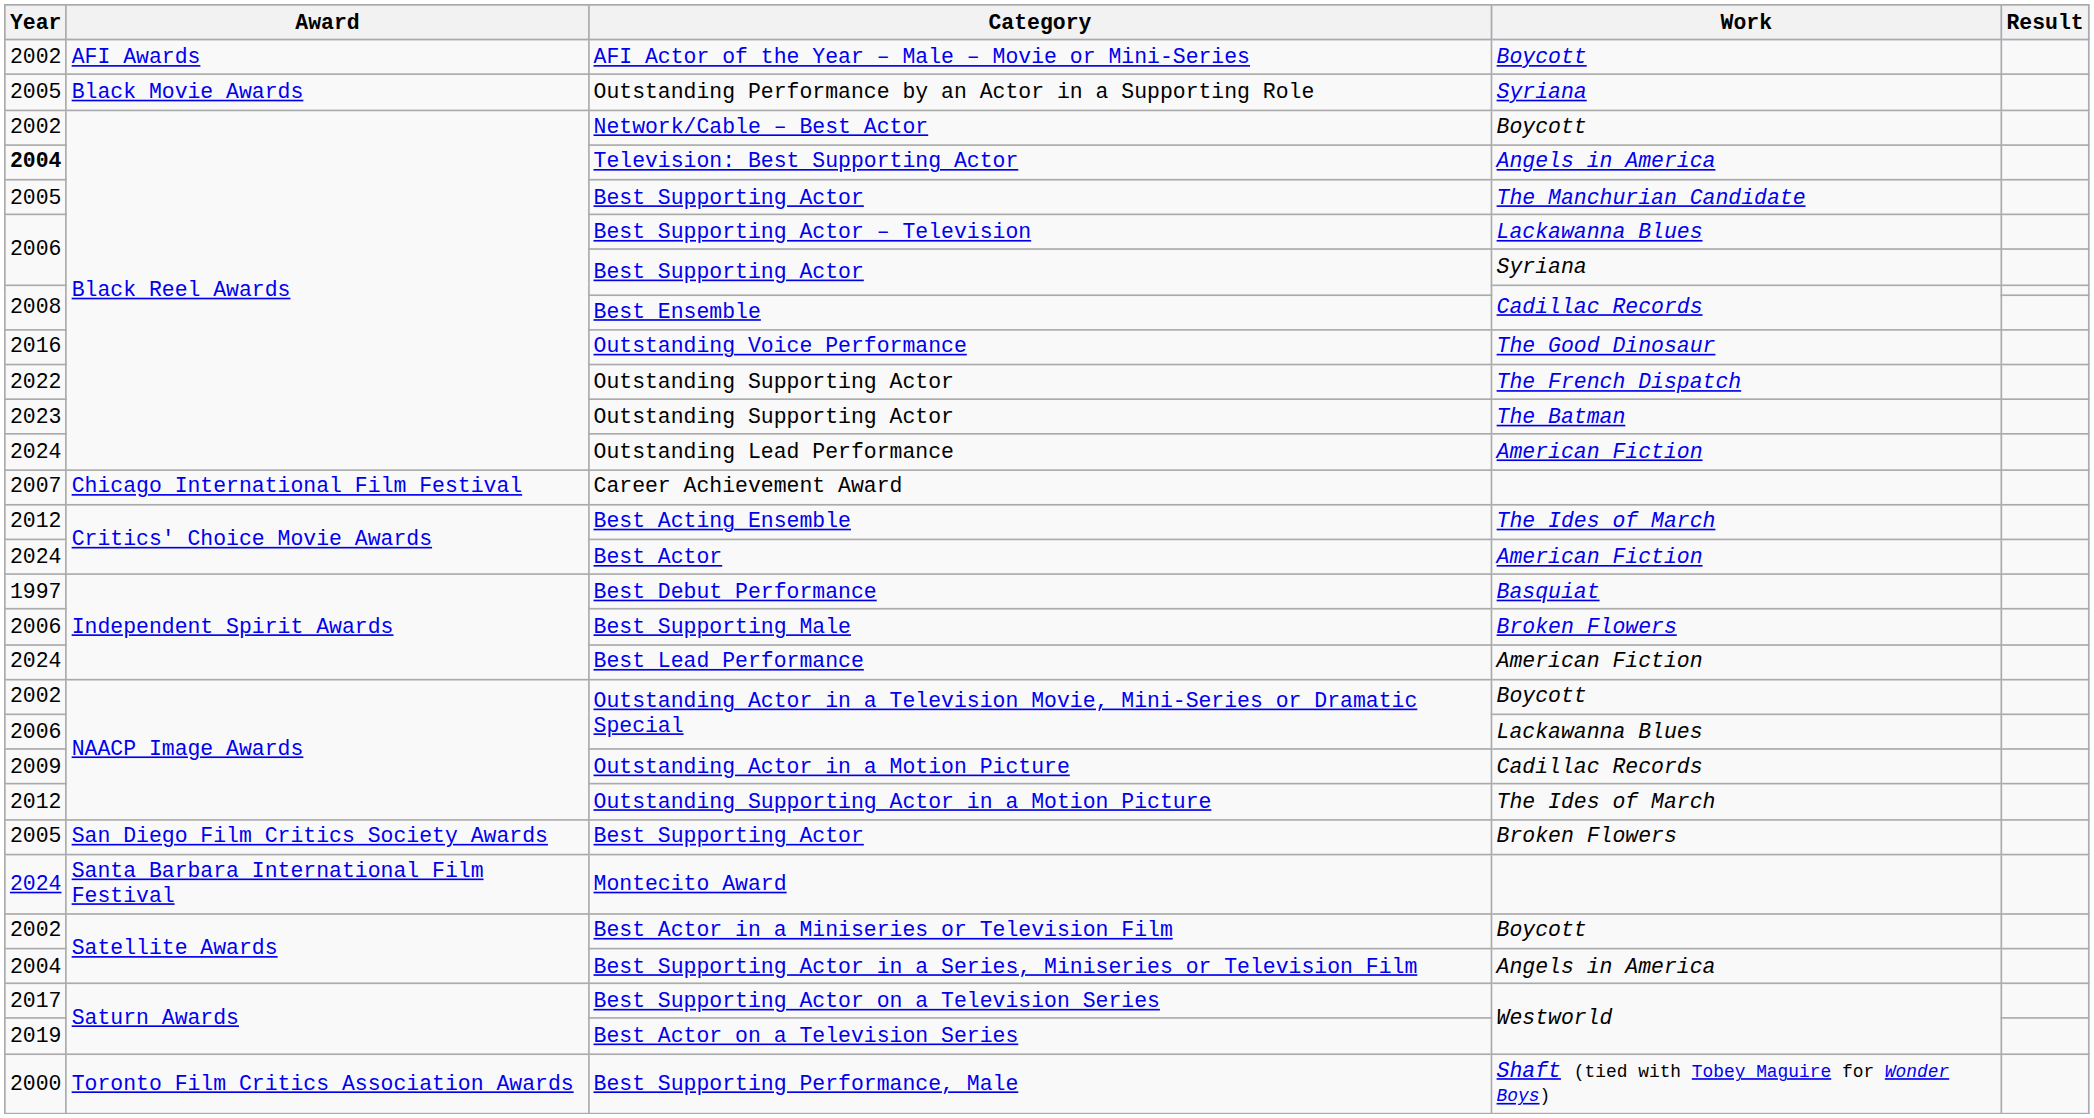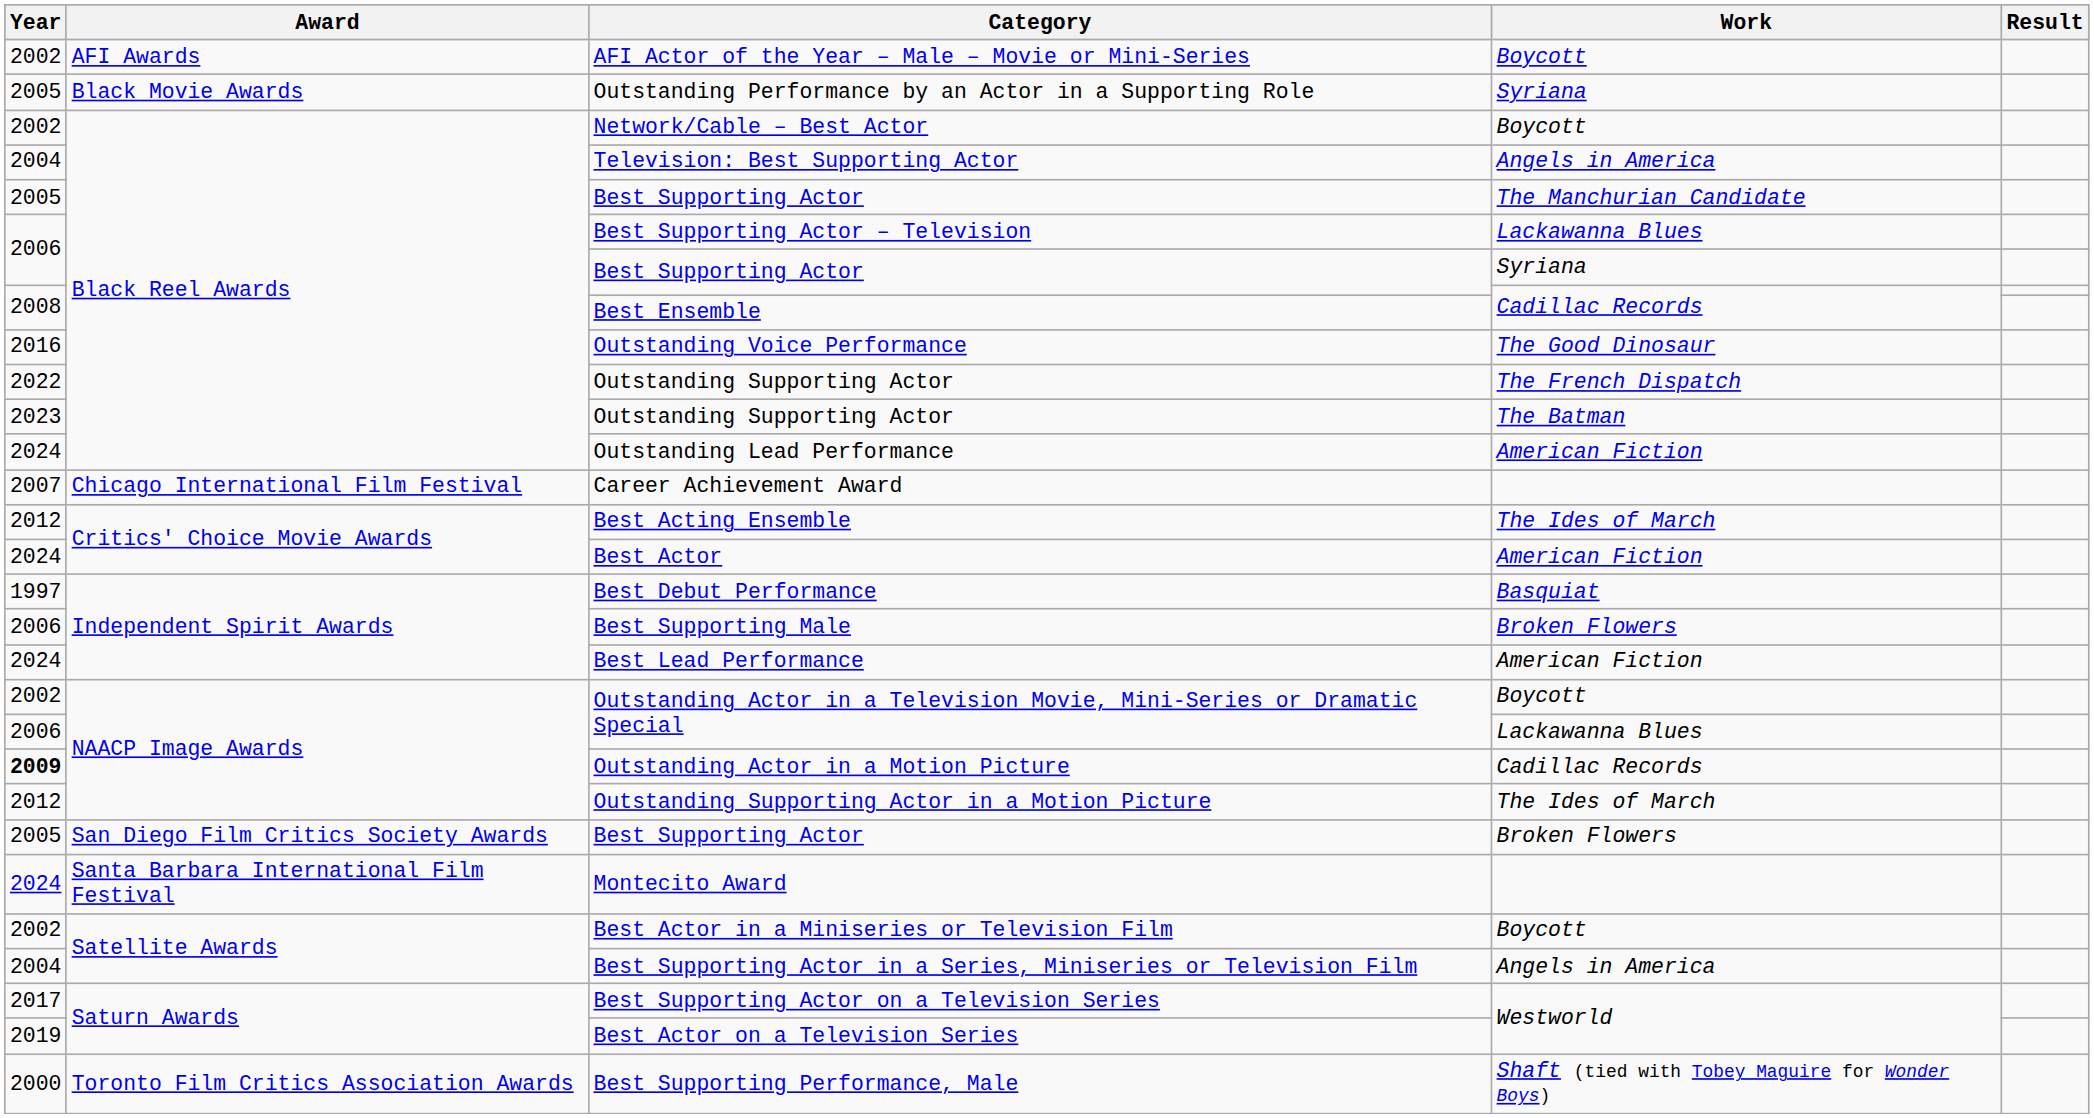 <table class="wikitable sortable" style="margin:1em 0;">
 <tr style="background:#b0c4de;">
 <th>Year</th>
 <th>Award</th>
 <th>Category</th>
 <th>Work</th>
 <th>Result</th>
 </tr>
 <tr>
 <td>2002</td>
 <td><a href='#'>AFI Awards</a></td>
 <td><a href='#'>AFI Actor of the Year – Male – Movie or Mini-Series</a></td>
 <td><em><a href='#'>Boycott</a></em></td>
 <td></td>
 </tr>
 <tr>
 <td>2005</td>
 <td><a href='#'>Black Movie Awards</a></td>
 <td>Outstanding Performance by an Actor in a Supporting Role</td>
 <td><em><a href='#'>Syriana</a></em></td>
 <td></td>
 </tr>
 <tr>
 <td>2002</td>
 <td rowspan="11"><a href='#'>Black Reel Awards</a></td>
 <td><a href='#'>Network/Cable – Best Actor</a></td>
 <td><em>Boycott</em></td>
 <td></td>
 </tr>
 <tr>
-<td><strong>2004</strong></td>
+<td>2004</td>
 <td><a href='#'>Television: Best Supporting Actor</a></td>
 <td><em><a href='#'>Angels in America</a></em></td>
 <td></td>
 </tr>
 <tr>
 <td>2005</td>
 <td><a href='#'>Best Supporting Actor</a></td>
 <td><em><a href='#'>The Manchurian Candidate</a></em></td>
 <td></td>
 </tr>
 <tr>
 <td rowspan="2">2006</td>
 <td><a href='#'>Best Supporting Actor – Television</a></td>
 <td><em><a href='#'>Lackawanna Blues</a></em></td>
 <td></td>
 </tr>
 <tr>
 <td rowspan="2"><a href='#'>Best Supporting Actor</a></td>
 <td><em>Syriana</em></td>
 <td></td>
 </tr>
 <tr>
 <td rowspan="2">2008</td>
 <td rowspan="2"><em><a href='#'>Cadillac Records</a></em></td>
 <td></td>
 </tr>
 <tr>
 <td><a href='#'>Best Ensemble</a></td>
 <td></td>
 </tr>
 <tr>
 <td>2016</td>
 <td><a href='#'>Outstanding Voice Performance</a></td>
 <td><em><a href='#'>The Good Dinosaur</a></em></td>
 <td></td>
 </tr>
 <tr>
 <td>2022</td>
 <td>Outstanding Supporting Actor</td>
 <td><em><a href='#'>The French Dispatch</a></em></td>
 <td></td>
 </tr>
 <tr>
 <td>2023</td>
 <td>Outstanding Supporting Actor</td>
 <td><em><a href='#'>The Batman</a></em></td>
 <td></td>
 </tr>
 <tr>
 <td>2024</td>
 <td>Outstanding Lead Performance</td>
 <td><em><a href='#'>American Fiction</a></em></td>
 <td></td>
 </tr>
 <tr>
 <td>2007</td>
 <td><a href='#'>Chicago International Film Festival</a></td>
 <td>Career Achievement Award</td>
 <td></td>
 <td></td>
 </tr>
 <tr>
 <td>2012</td>
 <td rowspan="2"><a href='#'>Critics' Choice Movie Awards</a></td>
 <td><a href='#'>Best Acting Ensemble</a></td>
 <td><em><a href='#'>The Ides of March</a></em></td>
 <td></td>
 </tr>
 <tr>
 <td>2024</td>
 <td><a href='#'>Best Actor</a></td>
 <td><em><a href='#'>American Fiction</a></em></td>
 <td></td>
 </tr>
 <tr>
 <td>1997</td>
 <td rowspan="3"><a href='#'>Independent Spirit Awards</a></td>
 <td><a href='#'>Best Debut Performance</a></td>
 <td><em><a href='#'>Basquiat</a></em></td>
 <td></td>
 </tr>
 <tr>
 <td>2006</td>
 <td><a href='#'>Best Supporting Male</a></td>
 <td><em><a href='#'>Broken Flowers</a></em></td>
 <td></td>
 </tr>
 <tr>
 <td>2024</td>
 <td><a href='#'>Best Lead Performance</a></td>
 <td><em>American Fiction</em></td>
 <td></td>
 </tr>
 <tr>
 <td>2002</td>
 <td rowspan="4"><a href='#'>NAACP Image Awards</a></td>
 <td rowspan="2"><a href='#'>Outstanding Actor in a Television Movie, Mini-Series or Dramatic Special</a></td>
 <td><em>Boycott</em></td>
 <td></td>
 </tr>
 <tr>
 <td>2006</td>
 <td><em>Lackawanna Blues</em></td>
 <td></td>
 </tr>
 <tr>
-<td>2009</td>
+<td><strong>2009</strong></td>
 <td><a href='#'>Outstanding Actor in a Motion Picture</a></td>
 <td><em>Cadillac Records</em></td>
 <td></td>
 </tr>
 <tr>
 <td>2012</td>
 <td><a href='#'>Outstanding Supporting Actor in a Motion Picture</a></td>
 <td><em>The Ides of March</em></td>
 <td></td>
 </tr>
 <tr>
 <td>2005</td>
 <td><a href='#'>San Diego Film Critics Society Awards</a></td>
 <td><a href='#'>Best Supporting Actor</a></td>
 <td><em>Broken Flowers</em></td>
 <td></td>
 </tr>
 <tr>
 <td><a href='#'>2024</a></td>
 <td><a href='#'>Santa Barbara International Film Festival</a></td>
 <td><a href='#'>Montecito Award</a></td>
 <td></td>
 <td></td>
 </tr>
 <tr>
 <td>2002</td>
 <td rowspan="2"><a href='#'>Satellite Awards</a></td>
 <td><a href='#'>Best Actor in a Miniseries or Television Film</a></td>
 <td><em>Boycott</em></td>
 <td></td>
 </tr>
 <tr>
 <td>2004</td>
 <td><a href='#'>Best Supporting Actor in a Series, Miniseries or Television Film</a></td>
 <td><em>Angels in America</em></td>
 <td></td>
 </tr>
 <tr>
 <td>2017</td>
 <td rowspan="2"><a href='#'>Saturn Awards</a></td>
 <td><a href='#'>Best Supporting Actor on a Television Series</a></td>
 <td rowspan="2"><em>Westworld</em></td>
 <td></td>
 </tr>
 <tr>
 <td>2019</td>
 <td><a href='#'>Best Actor on a Television Series</a></td>
 <td></td>
 </tr>
 <tr>
 <td>2000</td>
 <td><a href='#'>Toronto Film Critics Association Awards</a></td>
 <td><a href='#'>Best Supporting Performance, Male</a></td>
 <td><em><a href='#'>Shaft</a></em> <small>(tied with <a href='#'>Tobey Maguire</a> for <em><a href='#'>Wonder Boys</a></em>)</small></td>
 <td></td>
 </tr>
 </table>
